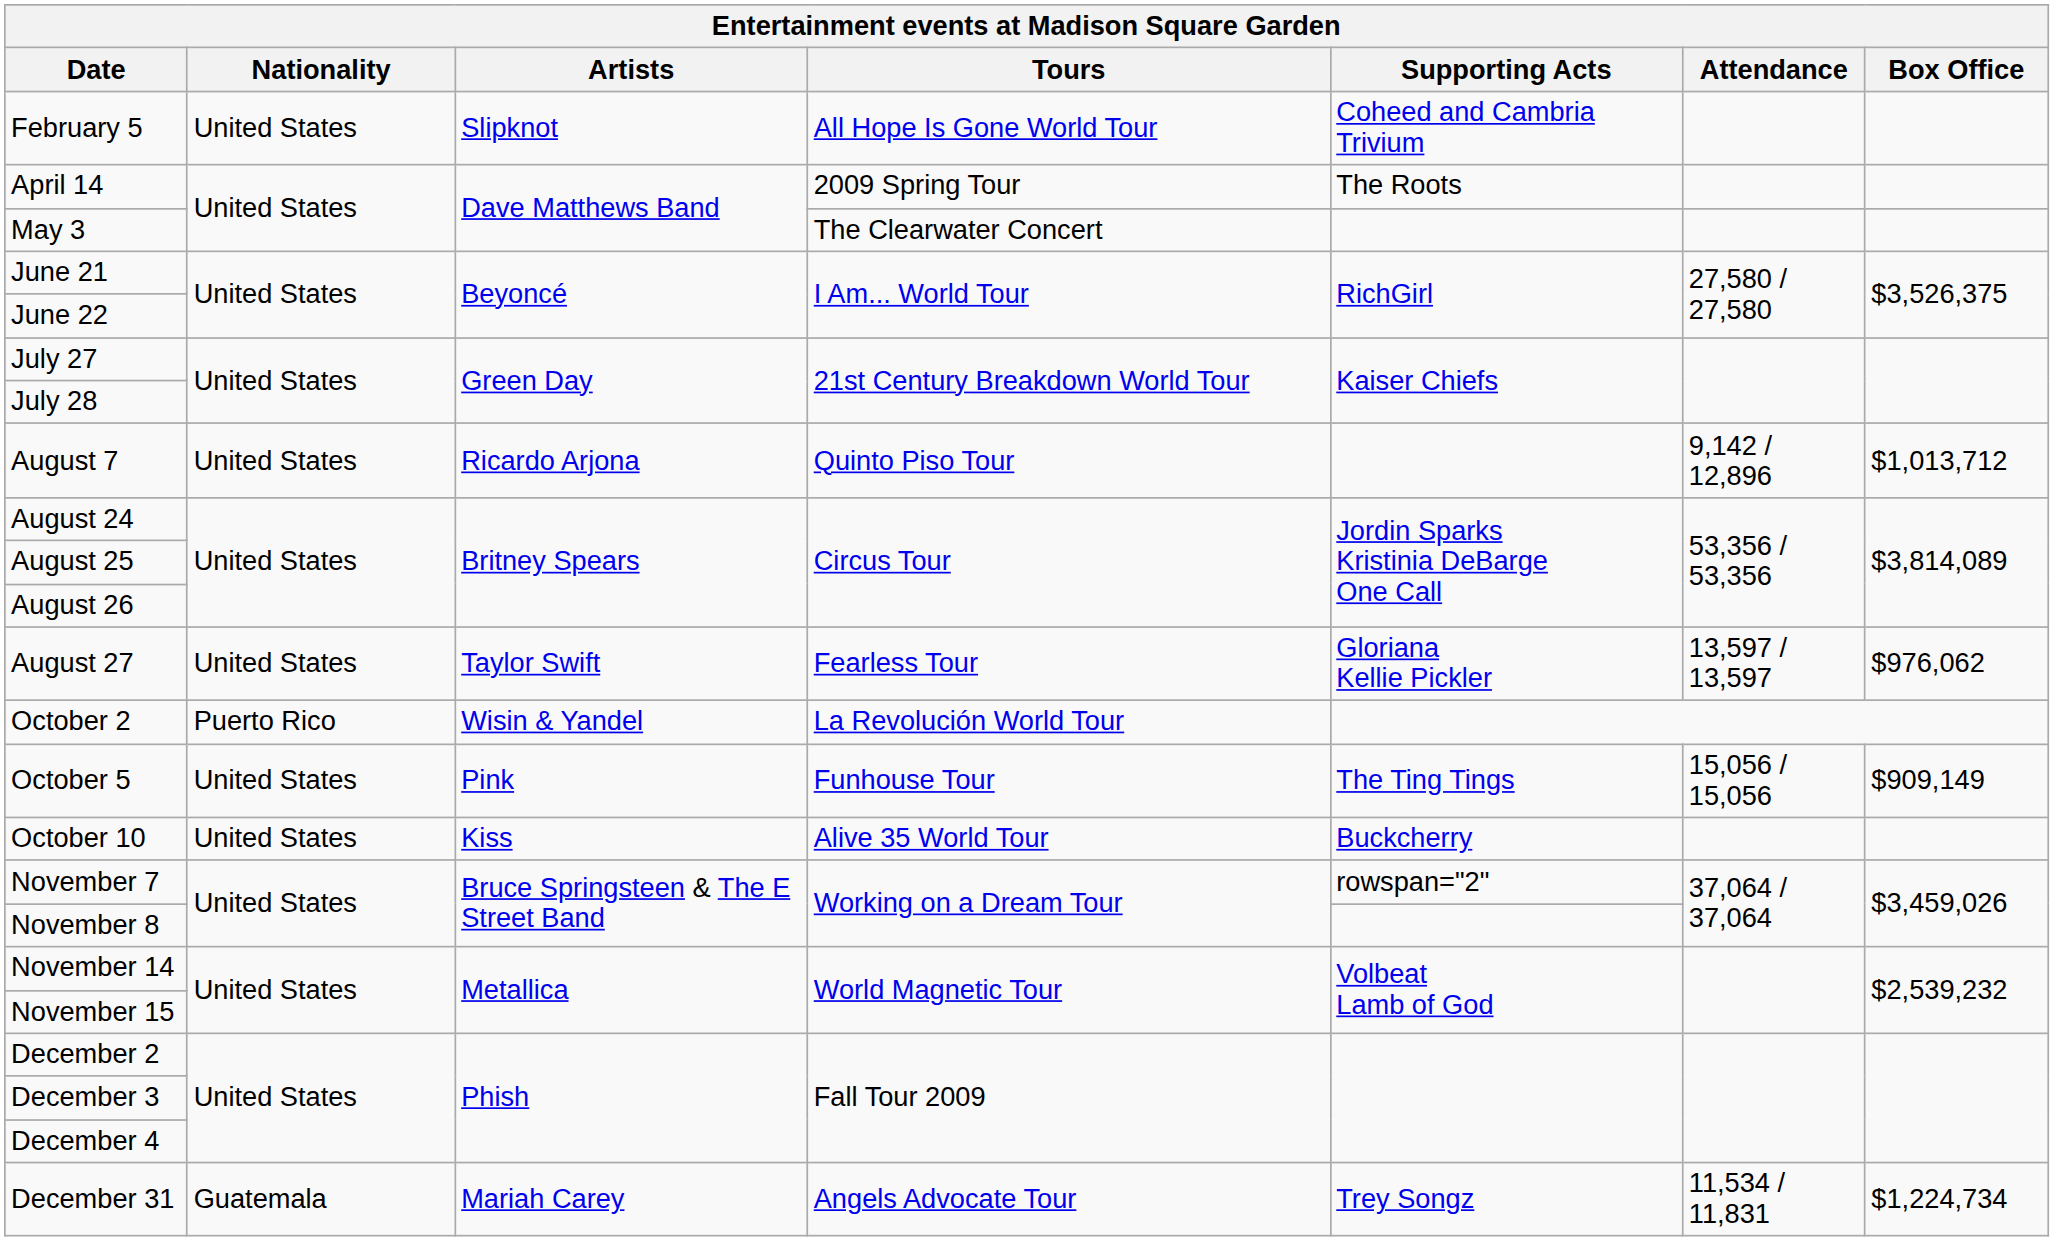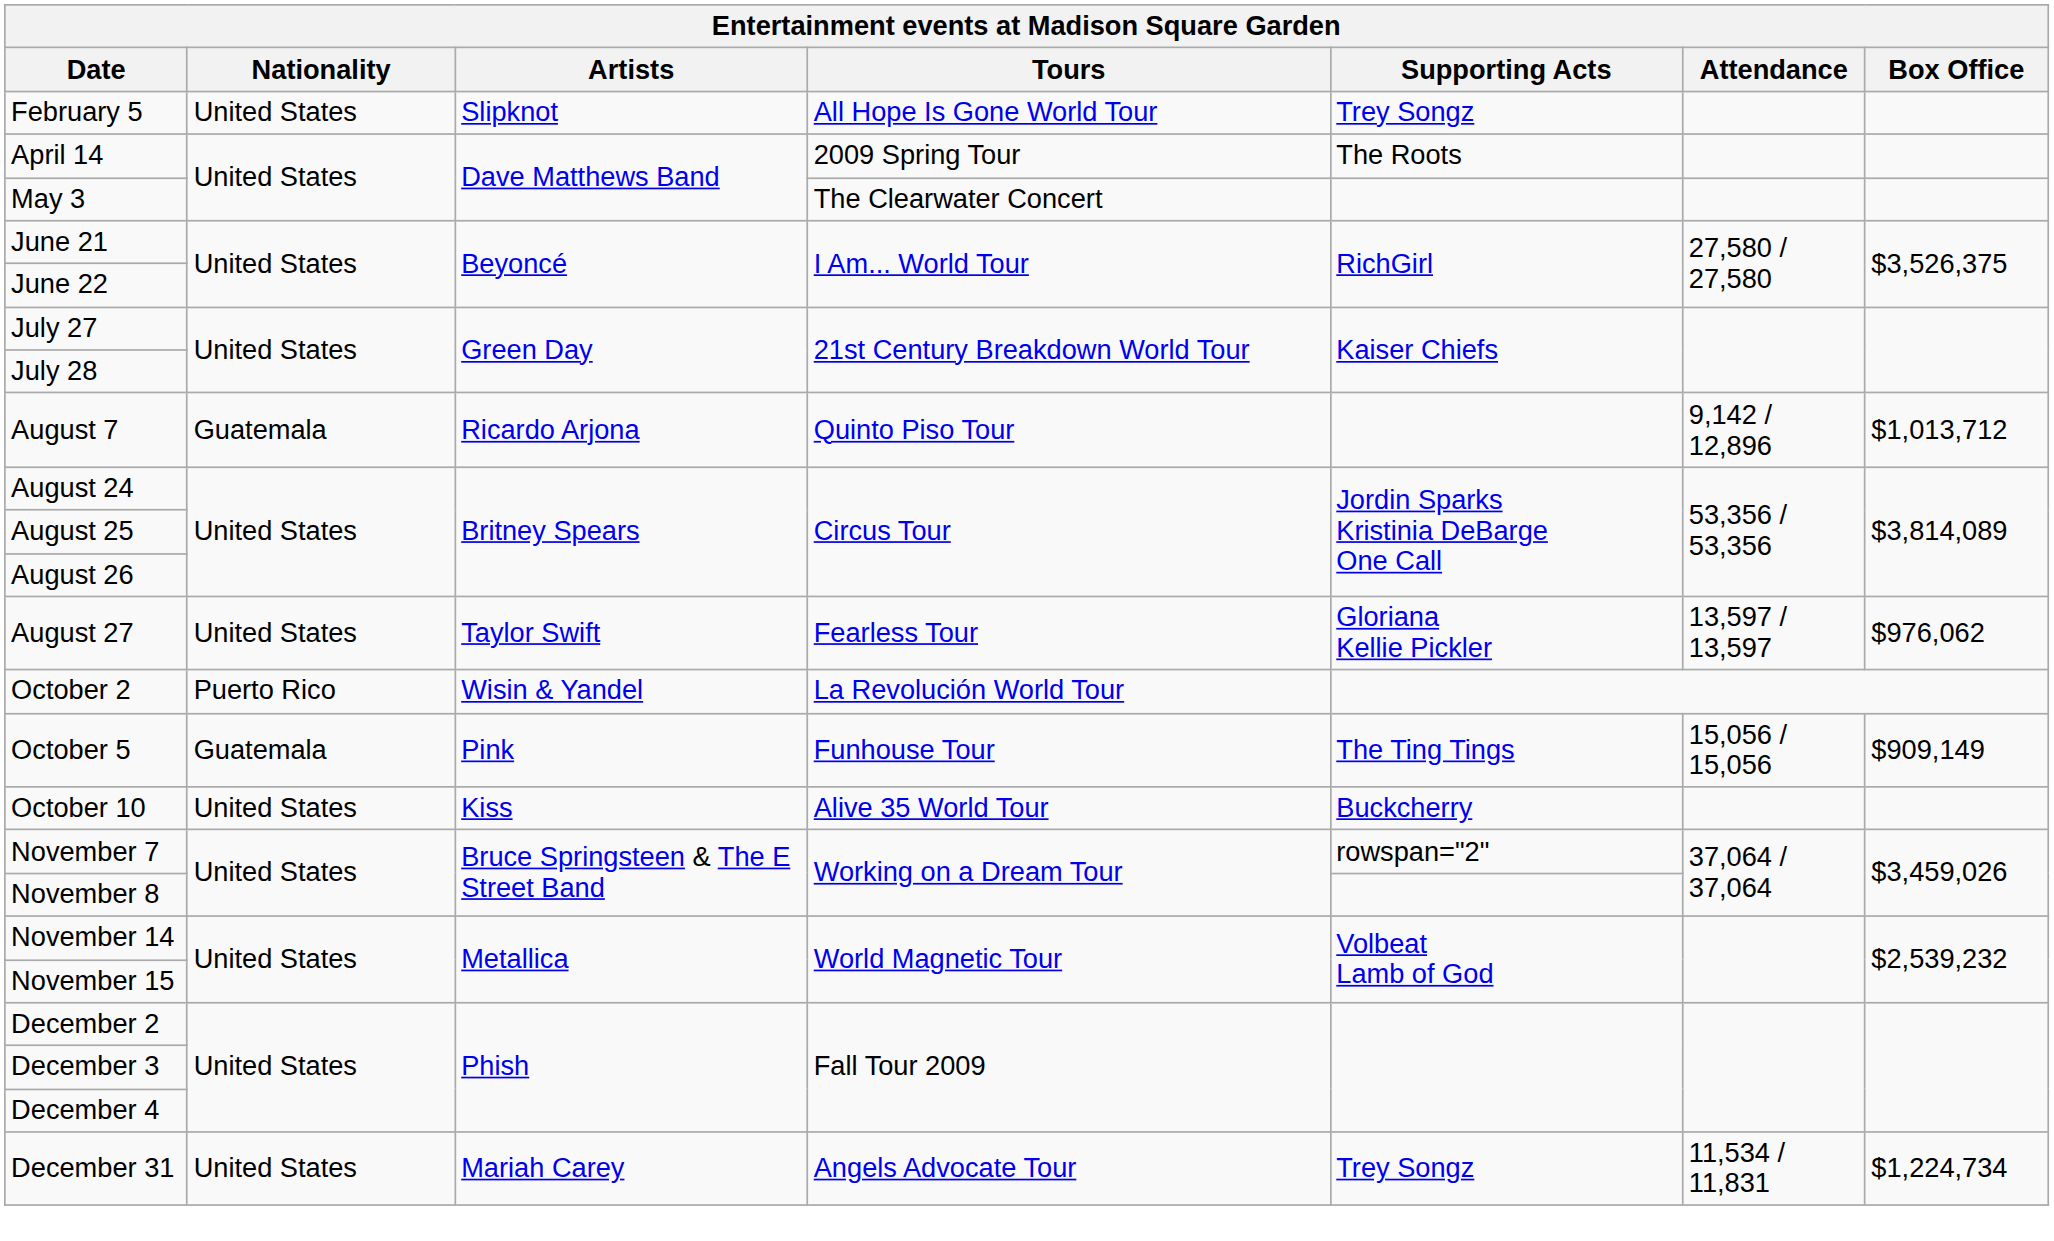 <table class="wikitable">
 <tr>
 <th colspan="7">Entertainment events at Madison Square Garden</th>
 </tr>
 <tr>
 <th width=100>Date</th>
 <th width=150>Nationality</th>
 <th width=200>Artists</th>
 <th width=300>Tours</th>
 <th width=200>Supporting Acts</th>
 <th width=100>Attendance</th>
 <th width=100>Box Office</th>
 </tr>
 <tr>
 <td>February 5</td>
 <td>United States</td>
 <td><a href='#'>Slipknot</a></td>
 <td><a href='#'>All Hope Is Gone World Tour</a></td>
-<td><a href='#'>Coheed and Cambria</a><br><a href='#'>Trivium</a></td>
+<td><a href='#'>Trey Songz</a></td>
 <td></td>
 <td></td>
 </tr>
 <tr>
 <td>April 14</td>
 <td rowspan=2>United States</td>
 <td rowspan=2><a href='#'>Dave Matthews Band</a></td>
 <td>2009 Spring Tour</td>
 <td>The Roots</td>
 <td></td>
 <td></td>
 </tr>
 <tr>
 <td>May 3</td>
 <td>The Clearwater Concert</td>
 <td></td>
 <td></td>
 </tr>
 <tr>
 <td>June 21</td>
 <td rowspan=2>United States</td>
 <td rowspan=2><a href='#'>Beyoncé</a></td>
 <td rowspan=2><a href='#'>I Am... World Tour</a></td>
 <td rowspan=2><a href='#'>RichGirl</a></td>
 <td rowspan=2>27,580 / 27,580</td>
 <td rowspan=2>$3,526,375</td>
 </tr>
 <tr>
 <td>June 22</td>
 </tr>
 <tr>
 <td>July 27</td>
 <td rowspan=2>United States</td>
 <td rowspan=2><a href='#'>Green Day</a></td>
 <td rowspan=2><a href='#'>21st Century Breakdown World Tour</a></td>
 <td rowspan=2><a href='#'>Kaiser Chiefs</a></td>
 <td rowspan=2></td>
 <td rowspan=2></td>
 </tr>
 <tr>
 <td>July 28</td>
 </tr>
 <tr>
 <td>August 7</td>
-<td>United States</td>
+<td>Guatemala</td>
 <td><a href='#'>Ricardo Arjona</a></td>
 <td><a href='#'>Quinto Piso Tour</a></td>
 <td></td>
 <td rowspan=1>9,142 / 12,896</td>
 <td rowspan=1>$1,013,712</td>
 </tr>
 <tr>
 <td>August 24</td>
 <td rowspan=3>United States</td>
 <td rowspan=3><a href='#'>Britney Spears</a></td>
 <td rowspan=3><a href='#'>Circus Tour</a></td>
 <td rowspan=3><a href='#'>Jordin Sparks</a><br><a href='#'>Kristinia DeBarge</a><br><a href='#'>One Call</a></td>
 <td rowspan=3>53,356 / 53,356</td>
 <td rowspan=3>$3,814,089</td>
 </tr>
 <tr>
 <td>August 25</td>
 </tr>
 <tr>
 <td>August 26</td>
 </tr>
 <tr>
 <td>August 27</td>
 <td>United States</td>
 <td><a href='#'>Taylor Swift</a></td>
 <td><a href='#'>Fearless Tour</a></td>
 <td><a href='#'>Gloriana</a><br><a href='#'>Kellie Pickler</a></td>
 <td>13,597 / 13,597</td>
 <td>$976,062</td>
 </tr>
 <tr>
 <td>October 2</td>
 <td>Puerto Rico</td>
 <td><a href='#'>Wisin & Yandel</a></td>
 <td><a href='#'>La Revolución World Tour</a></td>
 </tr>
 <tr>
 <td>October 5</td>
-<td>United States</td>
+<td>Guatemala</td>
 <td><a href='#'>Pink</a></td>
 <td><a href='#'>Funhouse Tour</a></td>
 <td><a href='#'>The Ting Tings</a></td>
 <td>15,056 / 15,056</td>
 <td>$909,149</td>
 </tr>
 <tr>
 <td>October 10</td>
 <td>United States</td>
 <td><a href='#'>Kiss</a></td>
 <td><a href='#'>Alive 35 World Tour</a></td>
 <td><a href='#'>Buckcherry</a></td>
 <td></td>
 <td></td>
 </tr>
 <tr>
 <td>November 7</td>
 <td rowspan="2">United States</td>
 <td rowspan="2"><a href='#'>Bruce Springsteen</a> & <a href='#'>The E Street Band</a></td>
 <td rowspan="2"><a href='#'>Working on a Dream Tour</a></td>
 <td>rowspan="2" </td>
 <td rowspan="2">37,064 / 37,064</td>
 <td rowspan="2">$3,459,026</td>
 </tr>
 <tr>
 <td>November 8</td>
 </tr>
 <tr>
 <td>November 14</td>
 <td rowspan=2>United States</td>
 <td rowspan=2><a href='#'>Metallica</a></td>
 <td rowspan=2><a href='#'>World Magnetic Tour</a></td>
 <td rowspan=2><a href='#'>Volbeat</a><br><a href='#'>Lamb of God</a></td>
 <td rowspan=2></td>
 <td rowspan=2>$2,539,232</td>
 </tr>
 <tr>
 <td>November 15</td>
 </tr>
 <tr>
 <td>December 2</td>
 <td rowspan=3>United States</td>
 <td rowspan=3><a href='#'>Phish</a></td>
 <td rowspan=3>Fall Tour 2009</td>
 <td rowspan=3></td>
 <td rowspan=3></td>
 <td rowspan=3></td>
 </tr>
 <tr>
 <td>December 3</td>
 </tr>
 <tr>
 <td>December 4</td>
 </tr>
 <tr>
 <td>December 31</td>
-<td>Guatemala</td>
+<td>United States</td>
 <td><a href='#'>Mariah Carey</a></td>
 <td><a href='#'>Angels Advocate Tour</a></td>
 <td><a href='#'>Trey Songz</a></td>
 <td>11,534 / 11,831</td>
 <td>$1,224,734</td>
 </tr>
 </table>
